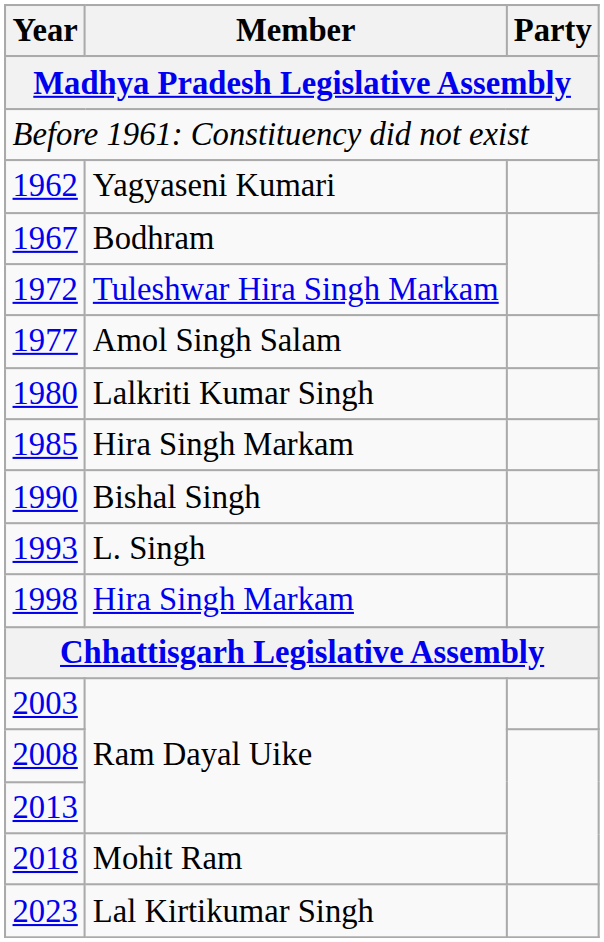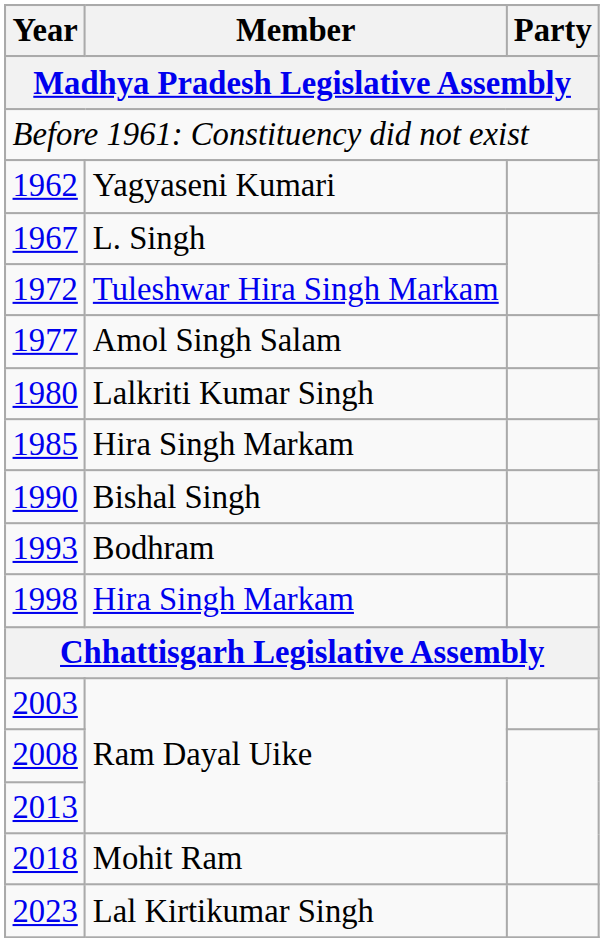 <table class="wikitable">
 <tr>
 <th>Year</th>
 <th>Member</th>
 <th colspan="2">Party</th>
 </tr>
 <tr>
 <th colspan=4><a href='#'>Madhya Pradesh Legislative Assembly</a></th>
 </tr>
 <tr>
 <td colspan="4"><em>Before 1961: Constituency did not exist</em></td>
 </tr>
 <tr>
 <td><a href='#'>1962</a></td>
 <td>Yagyaseni Kumari</td>
 <td></td>
 </tr>
 <tr>
 <td><a href='#'>1967</a></td>
-<td>Bodhram</td>
+<td>L. Singh</td>
 </tr>
 <tr>
 <td><a href='#'>1972</a></td>
 <td><a href='#'>Tuleshwar Hira Singh Markam</a></td>
 </tr>
 <tr>
 <td><a href='#'>1977</a></td>
 <td>Amol Singh Salam</td>
 <td></td>
 </tr>
 <tr>
 <td><a href='#'>1980</a></td>
 <td>Lalkriti Kumar Singh</td>
 <td></td>
 </tr>
 <tr>
 <td><a href='#'>1985</a></td>
 <td>Hira Singh Markam</td>
 <td></td>
 </tr>
 <tr>
 <td><a href='#'>1990</a></td>
 <td>Bishal Singh</td>
 </tr>
 <tr>
 <td><a href='#'>1993</a></td>
-<td>L. Singh</td>
+<td>Bodhram</td>
 <td></td>
 </tr>
 <tr>
 <td><a href='#'>1998</a></td>
 <td><a href='#'>Hira Singh Markam</a></td>
 <td></td>
 </tr>
 <tr>
 <th colspan=4><a href='#'>Chhattisgarh Legislative Assembly</a></th>
 </tr>
 <tr>
 <td><a href='#'>2003</a></td>
 <td rowspan="3">Ram Dayal Uike</td>
 <td></td>
 </tr>
 <tr>
 <td><a href='#'>2008</a></td>
 </tr>
 <tr>
 <td><a href='#'>2013</a></td>
 </tr>
 <tr>
 <td><a href='#'>2018</a></td>
 <td>Mohit Ram</td>
 </tr>
 <tr>
 <td><a href='#'>2023</a></td>
 <td>Lal Kirtikumar Singh</td>
 <td></td>
 </tr>
 </table>
